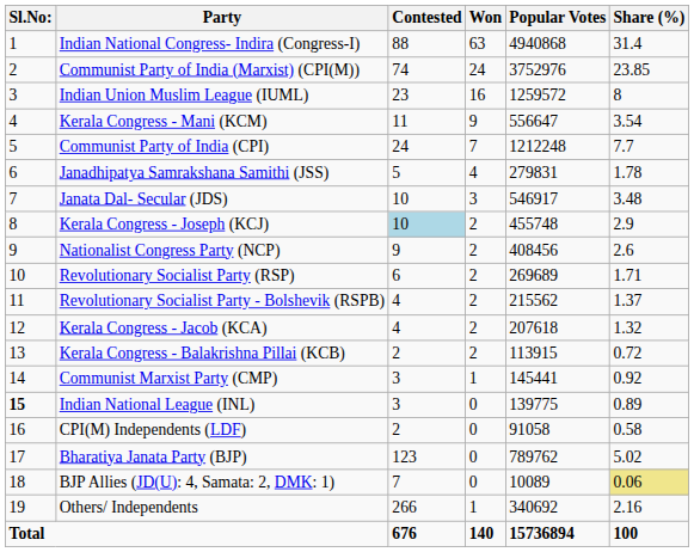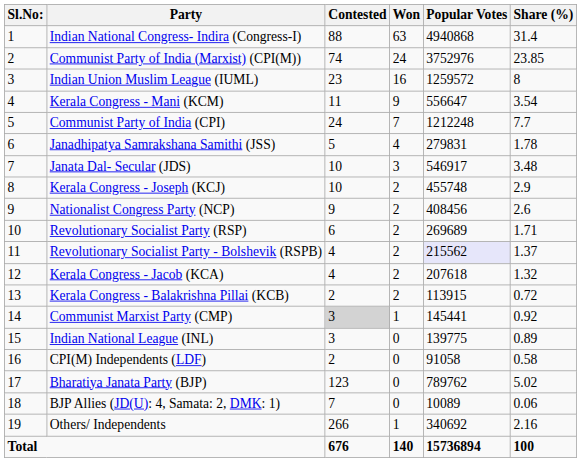 <table class="wikitable sortable">
 <tr>
 <th>Sl.No:</th>
 <th>Party</th>
 <th>Contested</th>
 <th>Won</th>
 <th>Popular Votes</th>
 <th>Share (%)</th>
 </tr>
 <tr>
 <td>1</td>
 <td><a href='#'>Indian National Congress- Indira</a>  (Congress-I)</td>
 <td>88</td>
 <td>63</td>
 <td>4940868</td>
 <td>31.4</td>
 </tr>
 <tr>
 <td>2</td>
 <td><a href='#'>Communist Party of India (Marxist)</a> (CPI(M))</td>
 <td>74</td>
 <td>24</td>
 <td>3752976</td>
 <td>23.85</td>
 </tr>
 <tr>
 <td>3</td>
 <td><a href='#'>Indian Union Muslim League</a>  (IUML)</td>
 <td>23</td>
 <td>16</td>
 <td>1259572</td>
 <td>8</td>
 </tr>
 <tr>
 <td>4</td>
 <td><a href='#'>Kerala Congress - Mani</a> (KCM)</td>
 <td>11</td>
 <td>9</td>
 <td>556647</td>
 <td>3.54</td>
 </tr>
 <tr>
 <td>5</td>
 <td><a href='#'>Communist Party of India</a> (CPI)</td>
 <td>24</td>
 <td>7</td>
 <td>1212248</td>
 <td>7.7</td>
 </tr>
 <tr>
 <td>6</td>
 <td><a href='#'>Janadhipatya Samrakshana Samithi</a>  (JSS)</td>
 <td>5</td>
 <td>4</td>
 <td>279831</td>
 <td>1.78</td>
 </tr>
 <tr>
 <td>7</td>
 <td><a href='#'>Janata Dal- Secular</a> (JDS)</td>
 <td>10</td>
 <td>3</td>
 <td>546917</td>
 <td>3.48</td>
 </tr>
 <tr>
 <td>8</td>
 <td><a href='#'>Kerala Congress - Joseph</a> (KCJ)</td>
-<td style="background: lightblue;">10</td>
+<td>10</td>
 <td>2</td>
 <td>455748</td>
 <td>2.9</td>
 </tr>
 <tr>
 <td>9</td>
 <td><a href='#'>Nationalist Congress Party</a> (NCP)</td>
 <td>9</td>
 <td>2</td>
 <td>408456</td>
 <td>2.6</td>
 </tr>
 <tr>
 <td>10</td>
 <td><a href='#'>Revolutionary Socialist Party</a>  (RSP)</td>
 <td>6</td>
 <td>2</td>
 <td>269689</td>
 <td>1.71</td>
 </tr>
 <tr>
 <td>11</td>
 <td><a href='#'>Revolutionary Socialist Party - Bolshevik</a> (RSPB)</td>
 <td>4</td>
 <td>2</td>
-<td>215562</td>
+<td style="background: lavender;">215562</td>
 <td>1.37</td>
 </tr>
 <tr>
 <td>12</td>
 <td><a href='#'>Kerala Congress - Jacob</a> (KCA)</td>
 <td>4</td>
 <td>2</td>
 <td>207618</td>
 <td>1.32</td>
 </tr>
 <tr>
 <td>13</td>
 <td><a href='#'>Kerala Congress - Balakrishna Pillai</a> (KCB)</td>
 <td>2</td>
 <td>2</td>
 <td>113915</td>
 <td>0.72</td>
 </tr>
 <tr>
 <td>14</td>
 <td><a href='#'>Communist Marxist Party</a> (CMP)</td>
-<td>3</td>
+<td style="background: lightgrey;">3</td>
 <td>1</td>
 <td>145441</td>
 <td>0.92</td>
 </tr>
 <tr>
-<td><strong>15</strong></td>
+<td>15</td>
 <td><a href='#'>Indian National League</a> (INL)</td>
 <td>3</td>
 <td>0</td>
 <td>139775</td>
 <td>0.89</td>
 </tr>
 <tr>
 <td>16</td>
 <td>CPI(M) Independents (<a href='#'>LDF</a>)</td>
 <td>2</td>
 <td>0</td>
 <td>91058</td>
 <td>0.58</td>
 </tr>
 <tr>
 <td>17</td>
 <td><a href='#'>Bharatiya Janata Party</a> (BJP)</td>
 <td>123</td>
 <td>0</td>
 <td>789762</td>
 <td>5.02</td>
 </tr>
 <tr>
 <td>18</td>
 <td>BJP Allies (<a href='#'>JD(U)</a>: 4, Samata: 2,  <a href='#'>DMK</a>: 1)</td>
 <td>7</td>
 <td>0</td>
 <td>10089</td>
-<td style="background: khaki;">0.06</td>
+<td>0.06</td>
 </tr>
 <tr>
 <td>19</td>
 <td>Others/ Independents</td>
 <td>266</td>
 <td>1</td>
 <td>340692</td>
 <td>2.16</td>
 </tr>
 <tr>
 <td colspan="2"><strong>Total</strong></td>
 <td><strong>676</strong></td>
 <td><strong>140</strong></td>
 <td><strong>15736894</strong></td>
 <td><strong>100</strong></td>
 </tr>
 </table>
